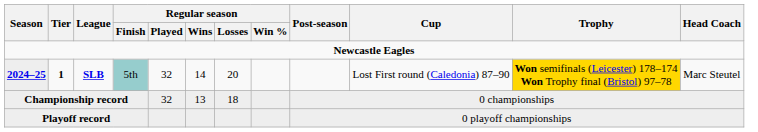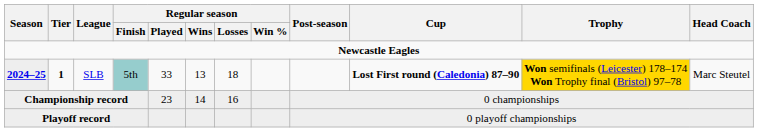 <table class="wikitable" style="font-size:95%; text-align:center">
 <tr>
 <th rowspan=2>Season</th>
 <th rowspan=2>Tier</th>
 <th rowspan=2>League</th>
 <th colspan=5>Regular season</th>
 <th rowspan=2>Post-season</th>
 <th rowspan=2>Cup</th>
 <th rowspan=2>Trophy</th>
 <th rowspan=2>Head Coach</th>
 </tr>
 <tr>
 <th>Finish</th>
 <th>Played</th>
 <th>Wins</th>
 <th>Losses</th>
 <th>Win %</th>
 </tr>
 <tr>
 <td colspan="12" align="center"><strong>Newcastle Eagles</strong></td>
 </tr>
 <tr>
 <th style="background:#eee;"><a href='#'>2024–25</a></th>
 <td style="text-align:center;"><strong>1</strong></td>
-<td style="text-align:center;"><strong><a href='#'>SLB</a></strong></td>
+<td style="text-align:center;"><a href='#'>SLB</a></td>
 <td style="text-align:center;background-color:#96CDCD;">5th</td>
-<td style="text-align:center;">32</td>
-<td style="text-align:center;">14</td>
-<td style="text-align:center;">20</td>
+<td style="text-align:center;">33</td>
+<td style="text-align:center;">13</td>
+<td style="text-align:center;">18</td>
 <td style="text-align:center;"></td>
 <td style="text-align:center;background-color:#;"></td>
-<td style="text-align:center;">Lost First round (<a href='#'>Caledonia</a>) 87–90</td>
+<td style="text-align:center;"><strong>Lost First round (<a href='#'>Caledonia</a>) 87–90</strong></td>
 <td style="text-align:center;background-color:gold;"><strong>Won</strong> semifinals (<a href='#'>Leicester</a>) 178–174<br><strong>Won</strong> Trophy final (<a href='#'>Bristol</a>) 97–78</td>
 <td style="text-align:center;">Marc Steutel</td>
 </tr>
 <tr>
 <th colspan=4 style="background:#eee;">Championship record</th>
-<td style="background:#eee;">32</td>
-<td style="background:#eee;">13</td>
-<td style="background:#eee;">18</td>
+<td style="background:#eee;">23</td>
+<td style="background:#eee;">14</td>
+<td style="background:#eee;">16</td>
 <td style="background:#eee;"></td>
 <td colspan="4" style="background:#eee;">0 championships</td>
 </tr>
 <tr>
 <th colspan=4 style="background:#eee;">Playoff record</th>
 <td style="background:#eee;"></td>
 <td style="background:#eee;"></td>
 <td style="background:#eee;"></td>
 <td style="background:#eee;"></td>
 <td colspan="4" style="background:#eee;">0 playoff championships</td>
 </tr>
 </table>
